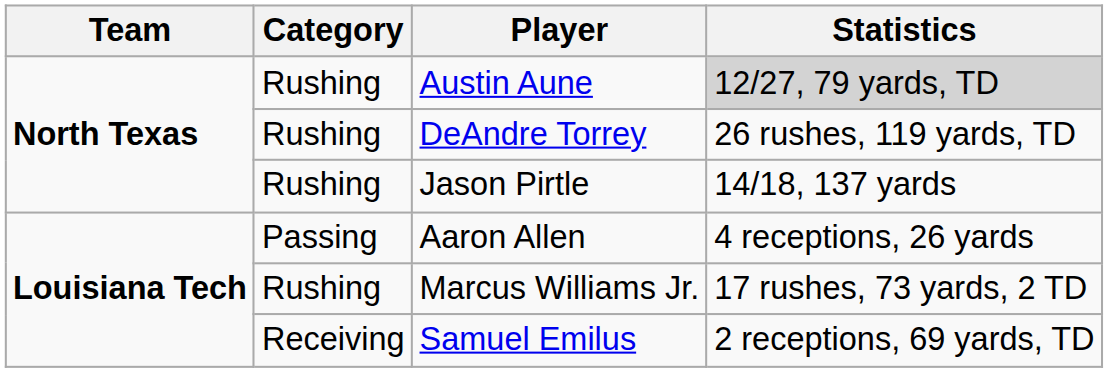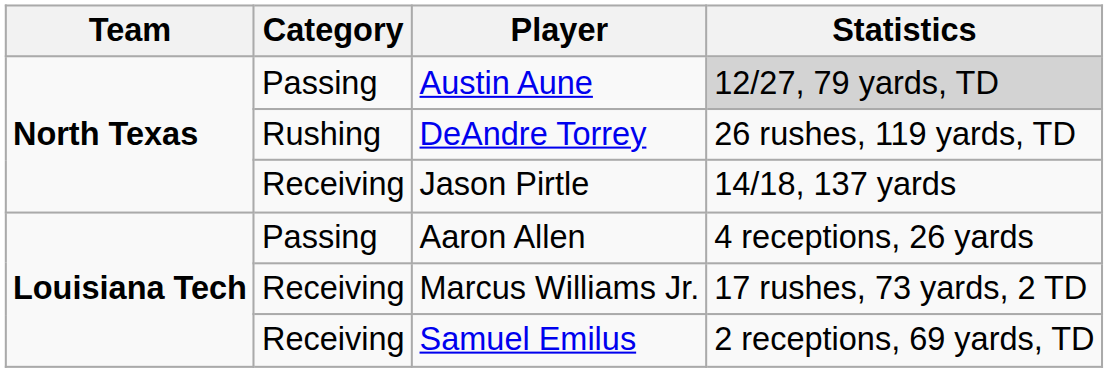 <table class="wikitable" style="float: right;">
 <tr>
 <th>Team</th>
 <th>Category</th>
 <th>Player</th>
 <th>Statistics</th>
 </tr>
 <tr>
 <td rowspan=3><strong>North Texas</strong></td>
-<td>Rushing</td>
+<td>Passing</td>
 <td><a href='#'>Austin Aune</a></td>
 <td style="background: lightgrey;">12/27, 79 yards, TD</td>
 </tr>
 <tr>
 <td>Rushing</td>
 <td><a href='#'>DeAndre Torrey</a></td>
 <td>26 rushes, 119 yards, TD</td>
 </tr>
 <tr>
-<td>Rushing</td>
+<td>Receiving</td>
 <td>Jason Pirtle</td>
 <td>14/18, 137 yards</td>
 </tr>
 <tr>
 <td rowspan=3><strong>Louisiana Tech</strong></td>
 <td>Passing</td>
 <td>Aaron Allen</td>
 <td>4 receptions, 26 yards</td>
 </tr>
 <tr>
-<td>Rushing</td>
+<td>Receiving</td>
 <td>Marcus Williams Jr.</td>
 <td>17 rushes, 73 yards, 2 TD</td>
 </tr>
 <tr>
 <td>Receiving</td>
 <td><a href='#'>Samuel Emilus</a></td>
 <td>2 receptions, 69 yards, TD</td>
 </tr>
 </table>
